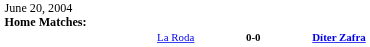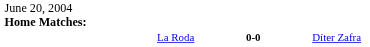 <table width=100% cellspacing=1>
 <tr>
 <th width=20%></th>
 <th width=12%></th>
 <th width=20%></th>
 <th></th>
 </tr>
 <tr>
 <td>June 20, 2004<br><strong>Home Matches:</strong></td>
 </tr>
 <tr style=font-size:90%>
 <td align=right><a href='#'>La Roda</a></td>
 <td align=center><strong>0-0</strong></td>
-<td><strong><a href='#'>Díter Zafra</a></strong></td>
+<td><a href='#'>Díter Zafra</a></td>
 </tr>
 </table>
